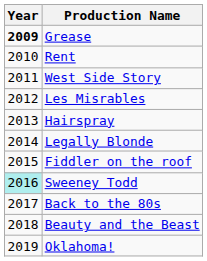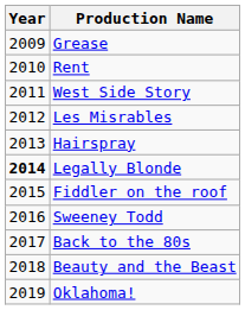 <table class="wikitable">
 <tr>
 <th>Year</th>
 <th>Production Name</th>
 </tr>
 <tr>
-<td><strong>2009</strong></td>
+<td>2009</td>
 <td><a href='#'>Grease</a></td>
 </tr>
 <tr>
 <td>2010</td>
 <td><a href='#'>Rent</a></td>
 </tr>
 <tr>
 <td>2011</td>
 <td><a href='#'>West Side Story</a></td>
 </tr>
 <tr>
 <td>2012</td>
 <td><a href='#'>Les Misrables</a></td>
 </tr>
 <tr>
 <td>2013</td>
 <td><a href='#'>Hairspray</a></td>
 </tr>
 <tr>
-<td>2014</td>
+<td><strong>2014</strong></td>
 <td><a href='#'>Legally Blonde</a></td>
 </tr>
 <tr>
 <td>2015</td>
 <td><a href='#'>Fiddler on the roof</a></td>
 </tr>
 <tr>
-<td style="background: paleturquoise;">2016</td>
+<td>2016</td>
 <td><a href='#'>Sweeney Todd</a></td>
 </tr>
 <tr>
 <td>2017</td>
 <td><a href='#'>Back to the 80s</a></td>
 </tr>
 <tr>
 <td>2018</td>
 <td><a href='#'>Beauty and the Beast</a></td>
 </tr>
 <tr>
 <td>2019</td>
 <td><a href='#'>Oklahoma!</a></td>
 </tr>
 </table>
